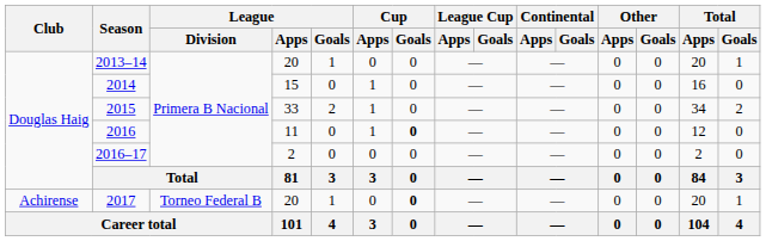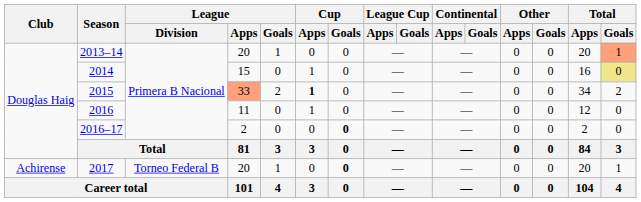 <table class="wikitable" style="text-align:center">
 <tr>
 <th rowspan="2">Club</th>
 <th rowspan="2">Season</th>
 <th colspan="3">League</th>
 <th colspan="2">Cup</th>
 <th colspan="2">League Cup</th>
 <th colspan="2">Continental</th>
 <th colspan="2">Other</th>
 <th colspan="2">Total</th>
 </tr>
 <tr>
 <th>Division</th>
 <th>Apps</th>
 <th>Goals</th>
 <th>Apps</th>
 <th>Goals</th>
 <th>Apps</th>
 <th>Goals</th>
 <th>Apps</th>
 <th>Goals</th>
 <th>Apps</th>
 <th>Goals</th>
 <th>Apps</th>
 <th>Goals</th>
 </tr>
 <tr>
 <td rowspan="6"><a href='#'>Douglas Haig</a></td>
 <td><a href='#'>2013–14</a></td>
 <td rowspan="5"><a href='#'>Primera B Nacional</a></td>
 <td>20</td>
 <td>1</td>
 <td>0</td>
 <td>0</td>
 <td colspan="2">—</td>
 <td colspan="2">—</td>
 <td>0</td>
 <td>0</td>
 <td>20</td>
-<td>1</td>
+<td style="background: lightsalmon;">1</td>
 </tr>
 <tr>
 <td><a href='#'>2014</a></td>
 <td>15</td>
 <td>0</td>
 <td>1</td>
 <td>0</td>
 <td colspan="2">—</td>
 <td colspan="2">—</td>
 <td>0</td>
 <td>0</td>
 <td>16</td>
-<td>0</td>
+<td style="background: khaki;">0</td>
 </tr>
 <tr>
 <td><a href='#'>2015</a></td>
-<td>33</td>
+<td style="background: lightsalmon;">33</td>
 <td>2</td>
-<td>1</td>
+<td><strong>1</strong></td>
 <td>0</td>
 <td colspan="2">—</td>
 <td colspan="2">—</td>
 <td>0</td>
 <td>0</td>
 <td>34</td>
 <td>2</td>
 </tr>
 <tr>
 <td><a href='#'>2016</a></td>
 <td>11</td>
 <td>0</td>
 <td>1</td>
-<td><strong>0</strong></td>
+<td>0</td>
 <td colspan="2">—</td>
 <td colspan="2">—</td>
 <td>0</td>
 <td>0</td>
 <td>12</td>
 <td>0</td>
 </tr>
 <tr>
 <td><a href='#'>2016–17</a></td>
 <td>2</td>
 <td>0</td>
 <td>0</td>
-<td>0</td>
+<td><strong>0</strong></td>
 <td colspan="2">—</td>
 <td colspan="2">—</td>
 <td>0</td>
 <td>0</td>
 <td>2</td>
 <td>0</td>
 </tr>
 <tr>
 <th colspan="2">Total</th>
 <th>81</th>
 <th>3</th>
 <th>3</th>
 <th>0</th>
 <th colspan="2">—</th>
 <th colspan="2">—</th>
 <th>0</th>
 <th>0</th>
 <th>84</th>
 <th>3</th>
 </tr>
 <tr>
 <td rowspan="1"><a href='#'>Achirense</a></td>
 <td><a href='#'>2017</a></td>
 <td rowspan="1"><a href='#'>Torneo Federal B</a></td>
 <td>20</td>
 <td>1</td>
 <td>0</td>
 <td><strong>0</strong></td>
 <td colspan="2">—</td>
 <td colspan="2">—</td>
 <td>0</td>
 <td>0</td>
 <td>20</td>
 <td>1</td>
 </tr>
 <tr>
 <th colspan="3">Career total</th>
 <th>101</th>
 <th>4</th>
 <th>3</th>
 <th>0</th>
 <th colspan="2">—</th>
 <th colspan="2">—</th>
 <th>0</th>
 <th>0</th>
 <th>104</th>
 <th>4</th>
 </tr>
 </table>
